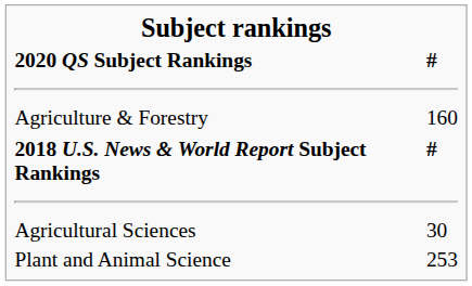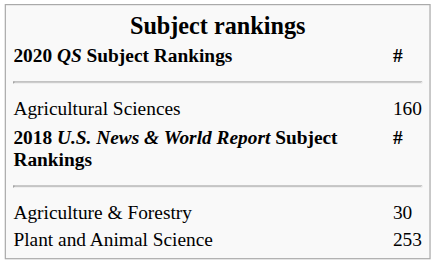 <table class="infobox vcard" style="width: 22em">
 <tr>
 <th colspan=2 class="n" style="text-align: center; font-size: 125%"><span>Subject rankings</span></th>
 </tr>
 <tr>
 <td><strong>2020 <em>QS</em> Subject Rankings</strong></td>
 <td><strong>#</strong></td>
 </tr>
 <tr>
 <td colspan="2"><hr></td>
 </tr>
 <tr>
-<td>Agriculture & Forestry</td>
+<td>Agricultural Sciences</td>
 <td>160</td>
 </tr>
 <tr>
 </tr>
 <tr>
 <td><strong>2018 <em>U.S. News & World Report</em> Subject Rankings</strong></td>
 <td><strong>#</strong></td>
 </tr>
 <tr>
 <td colspan="2"><hr></td>
 </tr>
 <tr>
-<td>Agricultural Sciences</td>
+<td>Agriculture & Forestry</td>
 <td>30</td>
 </tr>
 <tr>
 <td>Plant and Animal Science</td>
 <td>253</td>
 </tr>
 </table>
